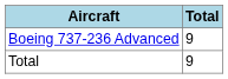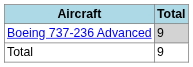 <table class="toccolours" border="1" cellpadding="3" style="border-collapse:collapse">
 <tr bgcolor=lightblue>
 <th>Aircraft</th>
 <th>Total</th>
 </tr>
 <tr>
 <td><a href='#'>Boeing 737-236 Advanced</a></td>
-<td>9</td>
+<td style="background: lightgrey;">9</td>
 </tr>
 <tr>
 <td>Total</td>
 <td>9</td>
 </tr>
 </table>
